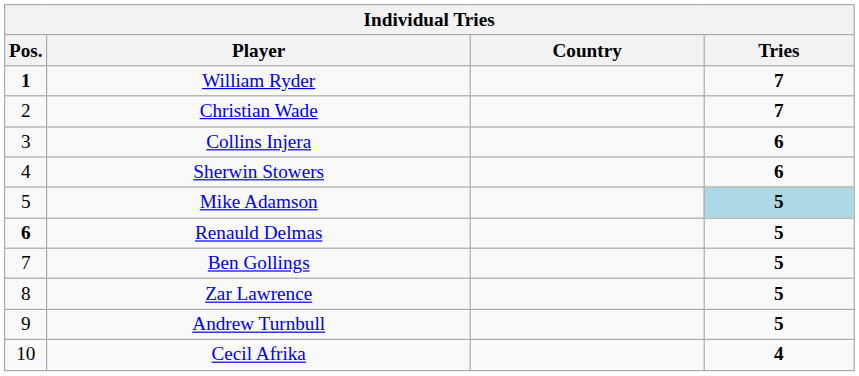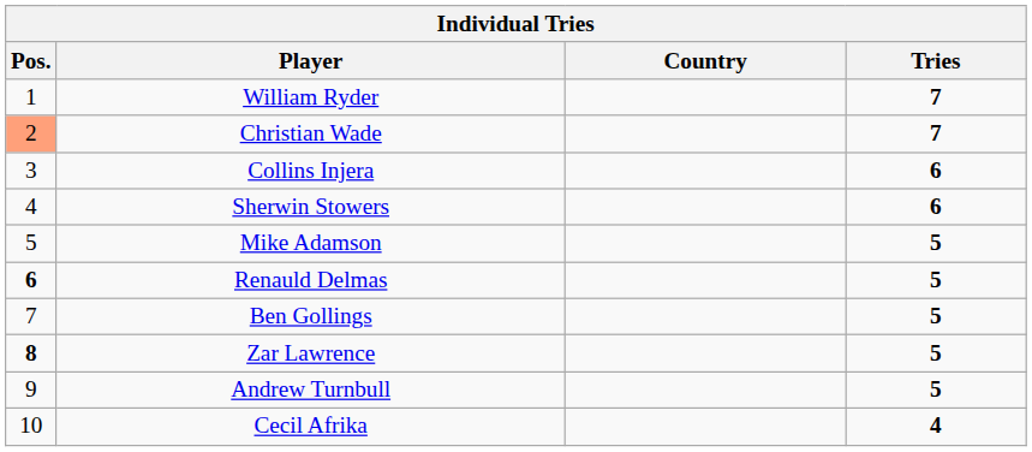 <table class="wikitable" style="text-align:center">
 <tr bgcolor="#efefef">
 <th colspan=4 style="border-right:0px;";>Individual Tries</th>
 </tr>
 <tr bgcolor="#efefef">
 <th width=5%>Pos.</th>
 <th>Player</th>
 <th>Country</th>
 <th>Tries</th>
 </tr>
 <tr>
-<td><strong>1</strong></td>
+<td>1</td>
 <td><a href='#'>William Ryder</a></td>
 <td></td>
 <td><strong>7</strong></td>
 </tr>
 <tr>
-<td>2</td>
+<td style="background: lightsalmon;">2</td>
 <td><a href='#'>Christian Wade</a></td>
 <td></td>
 <td><strong>7</strong></td>
 </tr>
 <tr>
 <td>3</td>
 <td><a href='#'>Collins Injera</a></td>
 <td></td>
 <td><strong>6</strong></td>
 </tr>
 <tr>
 <td>4</td>
 <td><a href='#'>Sherwin Stowers</a></td>
 <td></td>
 <td><strong>6</strong></td>
 </tr>
 <tr>
 <td>5</td>
 <td><a href='#'>Mike Adamson</a></td>
 <td></td>
-<td style="background: lightblue;"><strong>5</strong></td>
+<td><strong>5</strong></td>
 </tr>
 <tr>
 <td><strong>6</strong></td>
 <td><a href='#'>Renauld Delmas</a></td>
 <td></td>
 <td><strong>5</strong></td>
 </tr>
 <tr>
 <td>7</td>
 <td><a href='#'>Ben Gollings</a></td>
 <td></td>
 <td><strong>5</strong></td>
 </tr>
 <tr>
-<td>8</td>
+<td><strong>8</strong></td>
 <td><a href='#'>Zar Lawrence</a></td>
 <td></td>
 <td><strong>5</strong></td>
 </tr>
 <tr>
 <td>9</td>
 <td><a href='#'>Andrew Turnbull</a></td>
 <td></td>
 <td><strong>5</strong></td>
 </tr>
 <tr>
 <td>10</td>
 <td><a href='#'>Cecil Afrika</a></td>
 <td></td>
 <td><strong>4</strong></td>
 </tr>
 </table>
